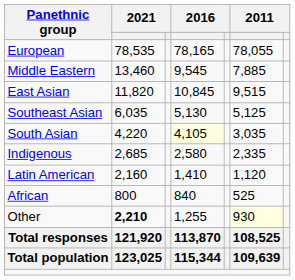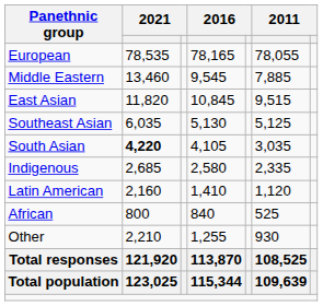 <table class="wikitable collapsible sortable">
 <tr>
 <th rowspan="2"><a href='#'>Panethnic</a><br>group</th>
 <th colspan="2">2021</th>
 <th colspan="2">2016</th>
 <th colspan="2">2011</th>
 </tr>
 <tr>
 <th><a href='#'></a></th>
 <th></th>
 <th></th>
 <th></th>
 <th></th>
 <th></th>
 </tr>
 <tr>
 <td><a href='#'>European</a></td>
 <td>78,535</td>
 <td></td>
 <td>78,165</td>
 <td></td>
 <td>78,055</td>
 <td></td>
 </tr>
 <tr>
 <td><a href='#'>Middle Eastern</a></td>
 <td>13,460</td>
 <td></td>
 <td>9,545</td>
 <td></td>
 <td>7,885</td>
 <td></td>
 </tr>
 <tr>
 <td><a href='#'>East Asian</a></td>
 <td>11,820</td>
 <td></td>
 <td>10,845</td>
 <td></td>
 <td>9,515</td>
 <td></td>
 </tr>
 <tr>
 <td><a href='#'>Southeast Asian</a></td>
 <td>6,035</td>
 <td></td>
 <td>5,130</td>
 <td></td>
 <td>5,125</td>
 <td></td>
 </tr>
 <tr>
 <td><a href='#'>South Asian</a></td>
-<td>4,220</td>
+<td><strong>4,220</strong></td>
 <td></td>
-<td style="background: lightyellow;">4,105</td>
+<td>4,105</td>
 <td></td>
 <td>3,035</td>
 <td></td>
 </tr>
 <tr>
 <td><a href='#'>Indigenous</a></td>
 <td>2,685</td>
 <td></td>
 <td>2,580</td>
 <td></td>
 <td>2,335</td>
 <td></td>
 </tr>
 <tr>
 <td><a href='#'>Latin American</a></td>
 <td>2,160</td>
 <td></td>
 <td>1,410</td>
 <td></td>
 <td>1,120</td>
 <td></td>
 </tr>
 <tr>
 <td><a href='#'>African</a></td>
 <td>800</td>
 <td></td>
 <td>840</td>
 <td></td>
 <td>525</td>
 <td></td>
 </tr>
 <tr>
 <td>Other</td>
-<td><strong>2,210</strong></td>
+<td>2,210</td>
 <td></td>
 <td>1,255</td>
 <td></td>
-<td style="background: lightyellow;">930</td>
+<td>930</td>
 <td></td>
 </tr>
 <tr>
 <th>Total responses</th>
 <th>121,920</th>
 <th></th>
 <th>113,870</th>
 <th></th>
 <th>108,525</th>
 <th></th>
 </tr>
 <tr>
 <th>Total population</th>
 <th>123,025</th>
 <th></th>
 <th>115,344</th>
 <th></th>
 <th>109,639</th>
 <th></th>
 </tr>
 <tr class="sortbottom">
 <td colspan="15"></td>
 </tr>
 </table>
